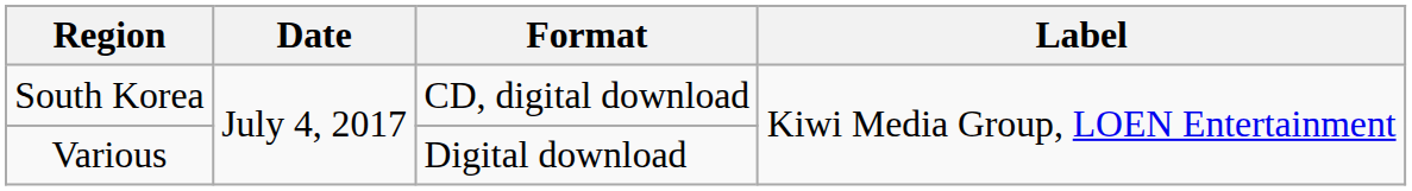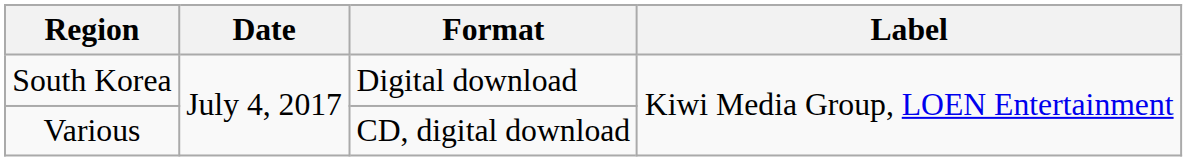 <table class="wikitable">
 <tr>
 <th style="text-align:center;">Region</th>
 <th style="text-align:center;">Date</th>
 <th style="text-align:center;">Format</th>
 <th style="text-align:center;">Label</th>
 </tr>
 <tr>
 <td style="text-align:center;">South Korea</td>
 <td style="text-align:center;" rowspan="2">July 4, 2017</td>
-<td>CD, digital download</td>
+<td>Digital download</td>
 <td rowspan="2">Kiwi Media Group, <a href='#'>LOEN Entertainment</a></td>
 </tr>
 <tr>
 <td style="text-align:center;">Various</td>
-<td>Digital download</td>
+<td>CD, digital download</td>
 </tr>
 </table>
